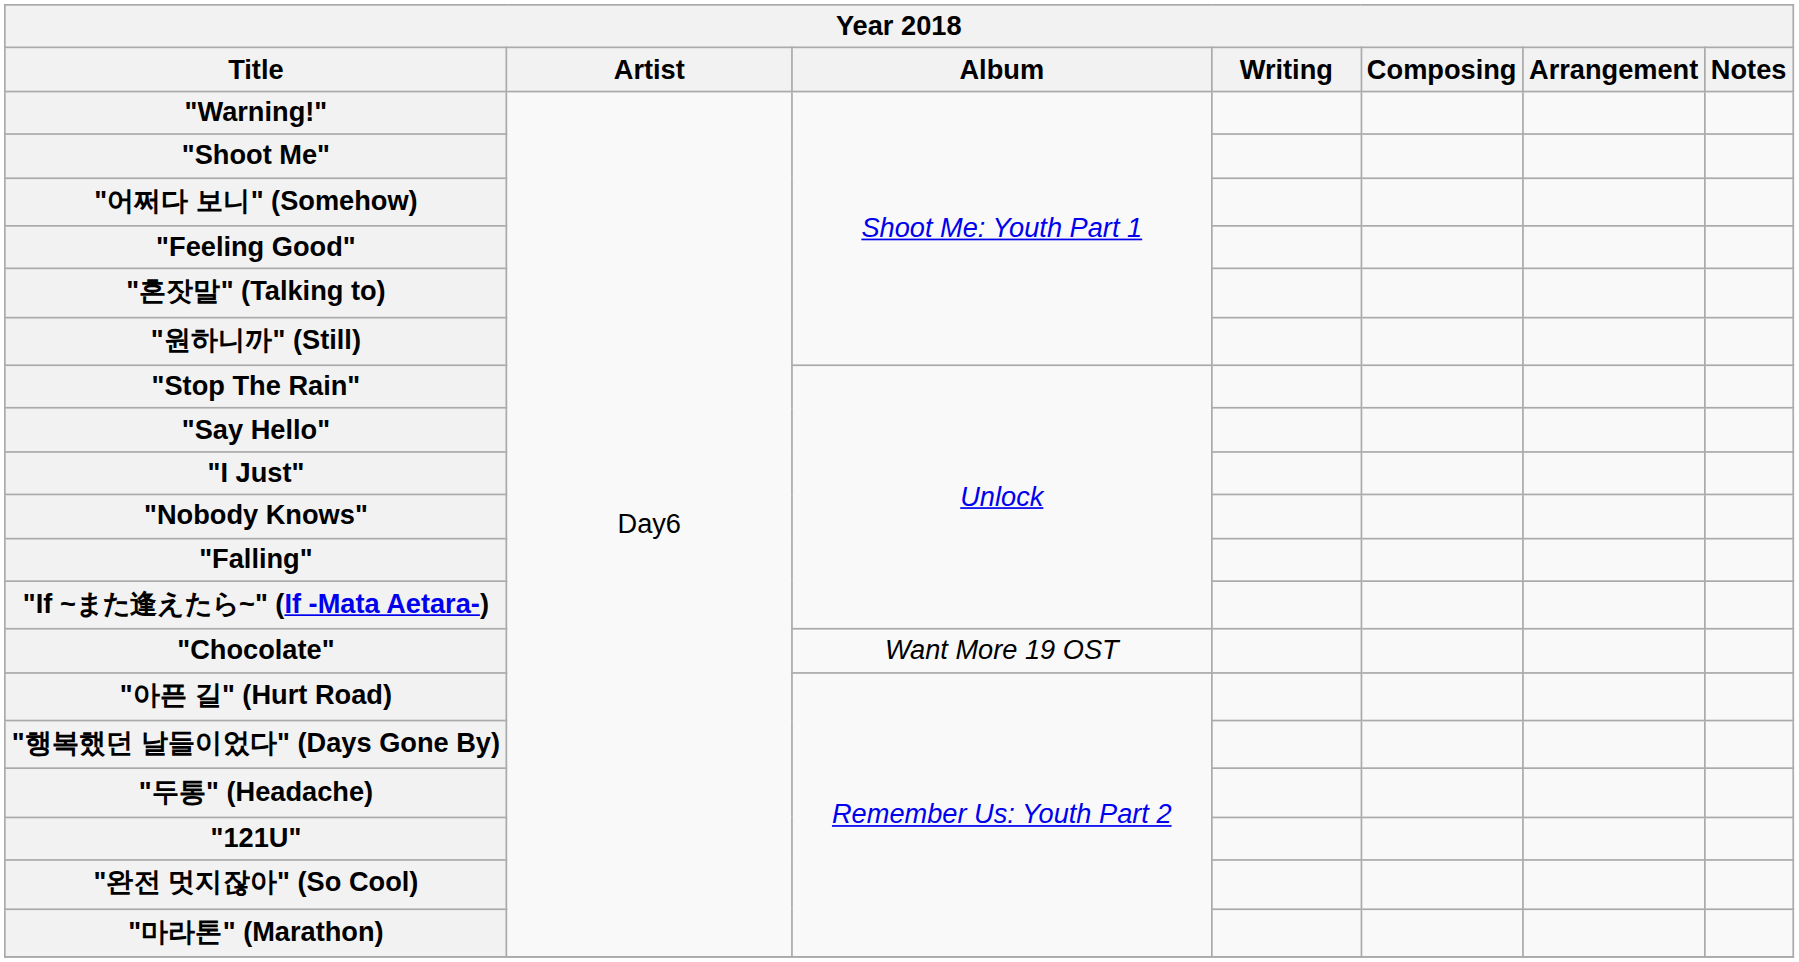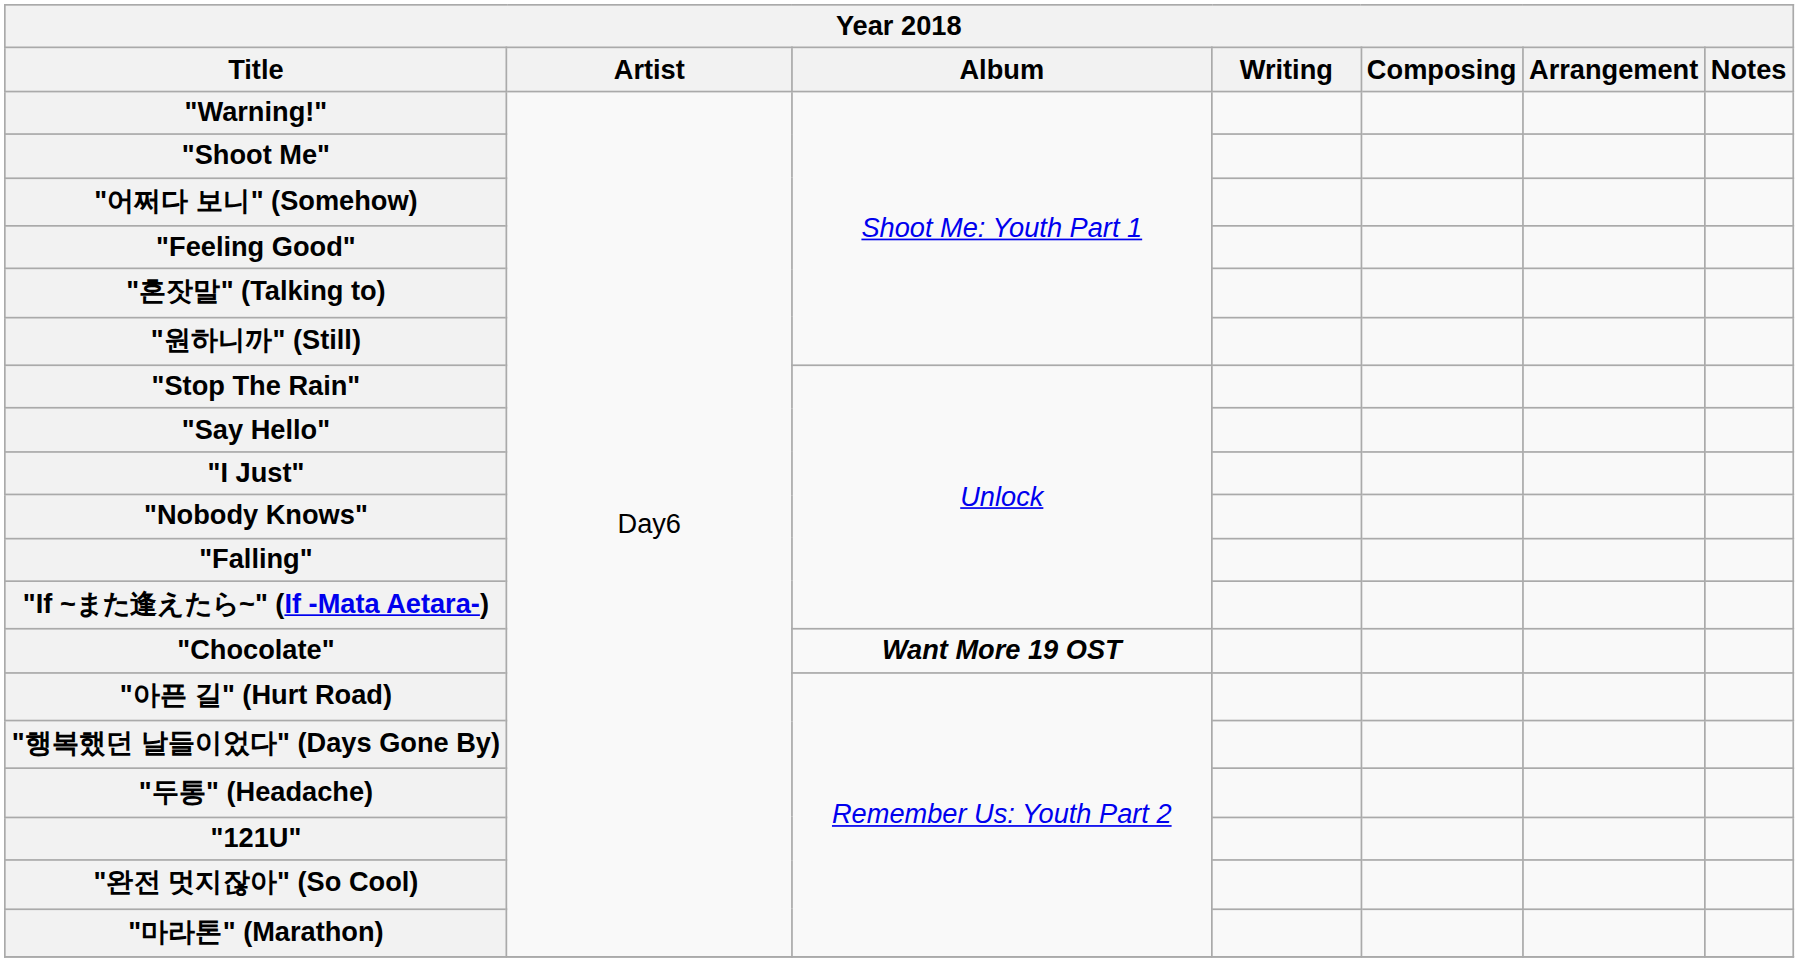 <table class="wikitable plainrowheaders collapsible collapsed" style="text-align:center">
 <tr>
 <th colspan="7">Year 2018</th>
 </tr>
 <tr>
 <th scope="col" style="width:18em;">Title</th>
 <th scope="col" style="width:10em;">Artist</th>
 <th scope="col" style="width:15em;">Album</th>
 <th scope="col" style="width:5em;">Writing</th>
 <th scope="col" style="width:5em;">Composing</th>
 <th scope="col" style="width:5em;">Arrangement</th>
 <th scope="col">Notes</th>
 </tr>
 <tr>
 <th scope="row">"Warning!"</th>
 <td rowspan="19">Day6</td>
 <td rowspan="6"><em><a href='#'>Shoot Me: Youth Part 1</a></em></td>
 <td></td>
 <td></td>
 <td></td>
 <td></td>
 </tr>
 <tr>
 <th scope="row">"Shoot Me"</th>
 <td></td>
 <td></td>
 <td></td>
 <td></td>
 </tr>
 <tr>
 <th scope="row">"어쩌다 보니" (Somehow)</th>
 <td></td>
 <td></td>
 <td></td>
 <td></td>
 </tr>
 <tr>
 <th scope="row">"Feeling Good"</th>
 <td></td>
 <td></td>
 <td></td>
 <td></td>
 </tr>
 <tr>
 <th scope="row">"혼잣말" (Talking to)</th>
 <td></td>
 <td></td>
 <td></td>
 <td></td>
 </tr>
 <tr>
 <th scope="row">"원하니까" (Still)</th>
 <td></td>
 <td></td>
 <td></td>
 <td></td>
 </tr>
 <tr>
 <th scope="row">"Stop The Rain"</th>
 <td rowspan="6"><em><a href='#'>Unlock</a></em></td>
 <td></td>
 <td></td>
 <td></td>
 <td></td>
 </tr>
 <tr>
 <th scope="row">"Say Hello"</th>
 <td></td>
 <td></td>
 <td></td>
 <td></td>
 </tr>
 <tr>
 <th scope="row">"I Just"</th>
 <td></td>
 <td></td>
 <td></td>
 <td></td>
 </tr>
 <tr>
 <th scope="row">"Nobody Knows"</th>
 <td></td>
 <td></td>
 <td></td>
 <td></td>
 </tr>
 <tr>
 <th scope="row">"Falling"</th>
 <td></td>
 <td></td>
 <td></td>
 <td></td>
 </tr>
 <tr>
 <th scope="row">"If ~また逢えたら~" (<a href='#'>If -Mata Aetara-</a>)</th>
 <td></td>
 <td></td>
 <td></td>
 <td></td>
 </tr>
 <tr>
 <th scope="row">"Chocolate"</th>
-<td><em>Want More 19 OST</em></td>
+<td><strong><em>Want More 19 OST</em></strong></td>
 <td></td>
 <td></td>
 <td></td>
 <td></td>
 </tr>
 <tr>
 <th scope="row">"아픈 길" (Hurt Road)</th>
 <td rowspan="6"><em><a href='#'>Remember Us: Youth Part 2</a></em></td>
 <td></td>
 <td></td>
 <td></td>
 <td></td>
 </tr>
 <tr>
 <th scope="row">"행복했던 날들이었다" (Days Gone By)</th>
 <td></td>
 <td></td>
 <td></td>
 <td></td>
 </tr>
 <tr>
 <th scope="row">"두통" (Headache)</th>
 <td></td>
 <td></td>
 <td></td>
 <td></td>
 </tr>
 <tr>
 <th scope="row">"121U"</th>
 <td></td>
 <td></td>
 <td></td>
 <td></td>
 </tr>
 <tr>
 <th scope="row">"완전 멋지잖아" (So Cool)</th>
 <td></td>
 <td></td>
 <td></td>
 <td></td>
 </tr>
 <tr>
 <th scope="row">"마라톤" (Marathon)</th>
 <td></td>
 <td></td>
 <td></td>
 <td></td>
 </tr>
 <tr>
 </tr>
 </table>
